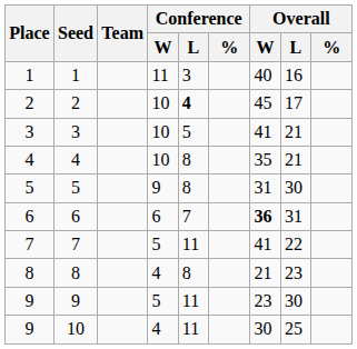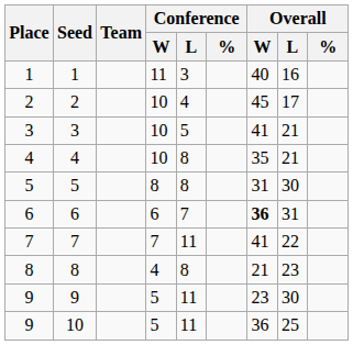 <table class="wikitable">
 <tr>
 <th rowspan ="2">Place</th>
 <th rowspan ="2">Seed</th>
 <th rowspan ="2">Team</th>
 <th colspan = "3">Conference</th>
 <th colspan = "3">Overall</th>
 </tr>
 <tr>
 <th scope="col" style="width: 20px;">W</th>
 <th scope="col" style="width: 20px;">L</th>
 <th scope="col" style="width: 30px;">%</th>
 <th scope="col" style="width: 20px;">W</th>
 <th scope="col" style="width: 20px;">L</th>
 <th scope="col" style="width: 30px;">%</th>
 </tr>
 <tr>
 <td style="text-align:center;">1</td>
 <td style="text-align:center;">1</td>
 <td></td>
 <td>11</td>
 <td>3</td>
 <td></td>
 <td>40</td>
 <td>16</td>
 <td></td>
 </tr>
 <tr>
 <td style="text-align:center;">2</td>
 <td style="text-align:center;">2</td>
 <td></td>
 <td>10</td>
-<td><strong>4</strong></td>
+<td>4</td>
 <td></td>
 <td>45</td>
 <td>17</td>
 <td></td>
 </tr>
 <tr>
 <td style="text-align:center;">3</td>
 <td style="text-align:center;">3</td>
 <td></td>
 <td>10</td>
 <td>5</td>
 <td></td>
 <td>41</td>
 <td>21</td>
 <td></td>
 </tr>
 <tr>
 <td style="text-align:center;">4</td>
 <td style="text-align:center;">4</td>
 <td></td>
 <td>10</td>
 <td>8</td>
 <td></td>
 <td>35</td>
 <td>21</td>
 <td></td>
 </tr>
 <tr>
 <td style="text-align:center;">5</td>
 <td style="text-align:center;">5</td>
 <td></td>
-<td>9</td>
+<td>8</td>
 <td>8</td>
 <td></td>
 <td>31</td>
 <td>30</td>
 <td></td>
 </tr>
 <tr>
 <td style="text-align:center;">6</td>
 <td style="text-align:center;">6</td>
 <td></td>
 <td>6</td>
 <td>7</td>
 <td></td>
 <td><strong>36</strong></td>
 <td>31</td>
 <td></td>
 </tr>
 <tr>
 <td style="text-align:center;">7</td>
 <td style="text-align:center;">7</td>
 <td></td>
-<td>5</td>
+<td>7</td>
 <td>11</td>
 <td></td>
 <td>41</td>
 <td>22</td>
 <td></td>
 </tr>
 <tr>
 <td style="text-align:center;">8</td>
 <td style="text-align:center;">8</td>
 <td></td>
 <td>4</td>
 <td>8</td>
 <td></td>
 <td>21</td>
 <td>23</td>
 <td></td>
 </tr>
 <tr>
 <td style="text-align:center;">9</td>
 <td style="text-align:center;">9</td>
 <td></td>
 <td>5</td>
 <td>11</td>
 <td></td>
 <td>23</td>
 <td>30</td>
 <td></td>
 </tr>
 <tr>
 <td style="text-align:center;">9</td>
 <td style="text-align:center;">10</td>
 <td></td>
-<td>4</td>
+<td>5</td>
 <td>11</td>
 <td></td>
-<td>30</td>
+<td>36</td>
 <td>25</td>
 <td></td>
 </tr>
 </table>
